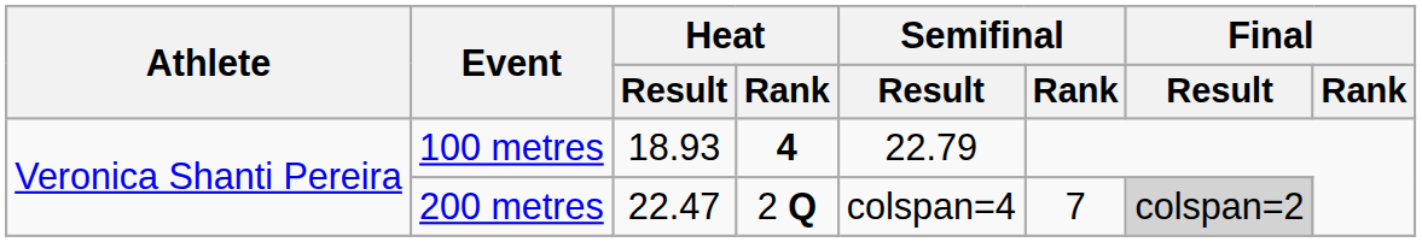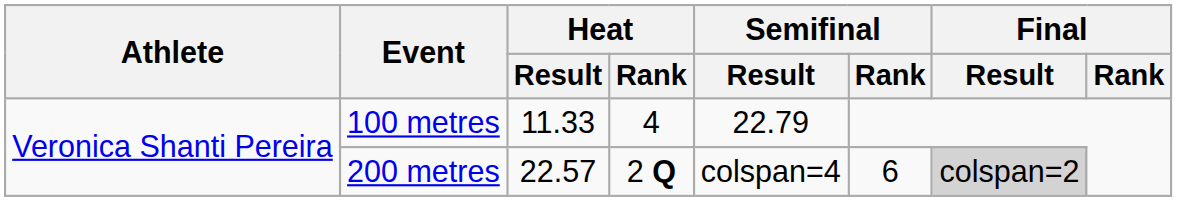 <table class="wikitable" style="font-size:90%">
 <tr>
 <th rowspan="2">Athlete</th>
 <th rowspan="2">Event</th>
 <th colspan="2">Heat</th>
 <th colspan="2">Semifinal</th>
 <th colspan="2">Final</th>
 </tr>
 <tr style="font-size:95%">
 <th>Result</th>
 <th>Rank</th>
 <th>Result</th>
 <th>Rank</th>
 <th>Result</th>
 <th>Rank</th>
 </tr>
 <tr align=center>
 <td align=left rowspan=2><a href='#'>Veronica Shanti Pereira</a></td>
 <td align=left><a href='#'>100 metres</a></td>
-<td>18.93</td>
-<td><strong>4</strong></td>
+<td>11.33</td>
+<td>4</td>
 <td>22.79</td>
 </tr>
 <tr align=center>
 <td align=left><a href='#'>200 metres</a></td>
-<td>22.47 </td>
+<td>22.57 </td>
 <td>2 <strong>Q</strong></td>
 <td>colspan=4 </td>
-<td>7</td>
+<td>6</td>
 <td style="background: lightgrey;">colspan=2 </td>
 </tr>
 </table>
